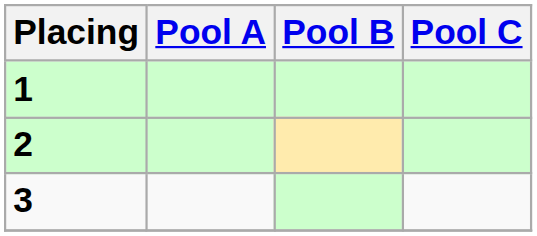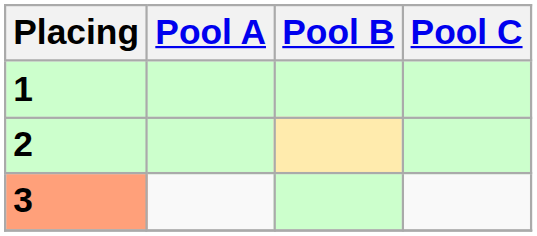 <table class=wikitable style="border:1px solid #AAAAAA;">
 <tr>
 <th>Placing</th>
 <th><a href='#'>Pool A</a></th>
 <th><a href='#'>Pool B</a></th>
 <th><a href='#'>Pool C</a></th>
 </tr>
 <tr style="background: #ccffcc;">
 <td><strong>1</strong></td>
 <td></td>
 <td></td>
 <td></td>
 </tr>
 <tr>
 <td style="background: #ccffcc;"><strong>2</strong></td>
 <td style="background: #ccffcc;"></td>
 <td style="background: #ffebad;"></td>
 <td style="background: #ccffcc;"></td>
 </tr>
 <tr>
-<td><strong>3</strong></td>
+<td style="background: lightsalmon;"><strong>3</strong></td>
 <td></td>
 <td style="background: #ccffcc;"></td>
 <td></td>
 </tr>
 <tr>
 </tr>
 </table>
